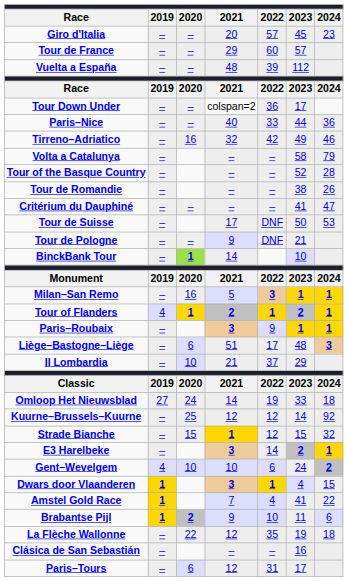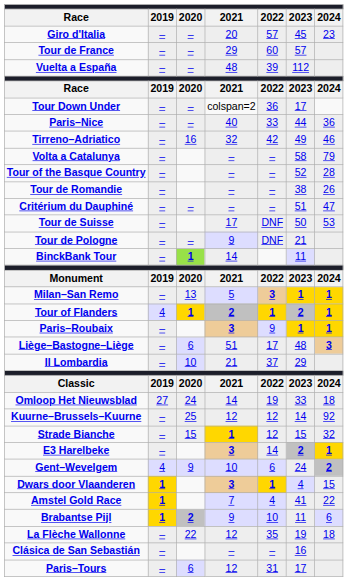 <table class="wikitable">
 <tr>
 <td style="background:#1c1e2a;" colspan=30><strong></strong></td>
 </tr>
 <tr>
 <th>Race</th>
 <th>2019</th>
 <th>2020</th>
 <th>2021</th>
 <th>2022</th>
 <th>2023</th>
 <th>2024</th>
 </tr>
 <tr align="center">
 <td><strong><a href='#'>Giro d'Italia</a></strong></td>
 <td style="background:#eee;"><a href='#'>–</a></td>
 <td style="background:#eee;"><a href='#'>–</a></td>
 <td style="background:#eee;"><a href='#'>20</a></td>
 <td style="background:#eee;"><a href='#'>57</a></td>
 <td style="background:#eee;"><a href='#'>45</a></td>
 <td style="background:#eee;"><a href='#'>23</a></td>
 </tr>
 <tr align="center">
 <td><strong><a href='#'>Tour de France</a></strong></td>
 <td style="background:#eee;"><a href='#'>–</a></td>
 <td style="background:#eee;"><a href='#'>–</a></td>
 <td style="background:#eee;"><a href='#'>29</a></td>
 <td style="background:#eee;"><a href='#'>60</a></td>
 <td style="background:#eee;"><a href='#'>57</a></td>
 <td style="background:#eee;"><a href='#'></a></td>
 </tr>
 <tr align="center">
 <td><strong><a href='#'>Vuelta a España</a></strong></td>
 <td style="background:#eee;"><a href='#'>–</a></td>
 <td style="background:#eee;"><a href='#'>–</a></td>
 <td style="background:#eee;"><a href='#'>48</a></td>
 <td style="background:#eee;"><a href='#'>39</a></td>
 <td style="background:#eee;"><a href='#'>112</a></td>
 <td style="background:#eee;"><a href='#'></a></td>
 </tr>
 <tr>
 <td style="background:#1c1e2a;" colspan=30><strong></strong></td>
 </tr>
 <tr>
 <th>Race</th>
 <th>2019</th>
 <th>2020</th>
 <th>2021</th>
 <th>2022</th>
 <th>2023</th>
 <th>2024</th>
 </tr>
 <tr align="center">
 <td><strong><a href='#'>Tour Down Under</a></strong></td>
 <td style="background:#eee;"><a href='#'>–</a></td>
 <td style="background:#eee;"><a href='#'>–</a></td>
 <td>colspan=2 </td>
 <td style="background:#eee;"><a href='#'>36</a></td>
 <td style="background:#eee;"><a href='#'>17</a></td>
 </tr>
 <tr align="center">
 <td><strong><a href='#'>Paris–Nice</a></strong></td>
 <td style="background:#eee;"><a href='#'>–</a></td>
 <td style="background:#eee;"><a href='#'>–</a></td>
 <td style="background:#eee;"><a href='#'>40</a></td>
 <td style="background:#eee;"><a href='#'>33</a></td>
 <td style="background:#eee;"><a href='#'>44</a></td>
 <td style="background:#eee;"><a href='#'>36</a></td>
 </tr>
 <tr align="center">
 <td><strong><a href='#'>Tirreno–Adriatico</a></strong></td>
 <td style="background:#eee;"><a href='#'>–</a></td>
 <td style="background:#eee;"><a href='#'>16</a></td>
 <td style="background:#eee;"><a href='#'>32</a></td>
 <td style="background:#eee;"><a href='#'>42</a></td>
 <td style="background:#eee;"><a href='#'>49</a></td>
 <td style="background:#eee;"><a href='#'>46</a></td>
 </tr>
 <tr align="center">
 <td><strong><a href='#'>Volta a Catalunya</a></strong></td>
 <td style="background:#eee;"><a href='#'>–</a></td>
 <td></td>
 <td style="background:#eee;"><a href='#'>–</a></td>
 <td style="background:#eee;"><a href='#'>–</a></td>
 <td style="background:#eee;"><a href='#'>58</a></td>
 <td style="background:#eee;"><a href='#'>79</a></td>
 </tr>
 <tr align="center">
 <td><strong><a href='#'>Tour of the Basque Country</a></strong></td>
 <td style="background:#eee;"><a href='#'>–</a></td>
 <td></td>
 <td style="background:#eee;"><a href='#'>–</a></td>
 <td style="background:#eee;"><a href='#'>–</a></td>
 <td style="background:#eee;"><a href='#'>52</a></td>
 <td style="background:#eee;"><a href='#'>28</a></td>
 </tr>
 <tr align="center">
 <td><strong><a href='#'>Tour de Romandie</a></strong></td>
 <td style="background:#eee;"><a href='#'>–</a></td>
 <td></td>
 <td style="background:#eee;"><a href='#'>–</a></td>
 <td style="background:#eee;"><a href='#'>–</a></td>
 <td style="background:#eee;"><a href='#'>38</a></td>
 <td style="background:#eee;"><a href='#'>26</a></td>
 </tr>
 <tr align="center">
 <td><strong><a href='#'>Critérium du Dauphiné</a></strong></td>
 <td style="background:#eee;"><a href='#'>–</a></td>
 <td style="background:#eee;"><a href='#'>–</a></td>
 <td style="background:#eee;"><a href='#'>–</a></td>
 <td style="background:#eee;"><a href='#'>–</a></td>
-<td style="background:#eee;"><a href='#'>41</a></td>
+<td style="background:#eee;"><a href='#'>51</a></td>
 <td style="background:#eee;"><a href='#'>47</a></td>
 </tr>
 <tr align="center">
 <td><strong><a href='#'>Tour de Suisse</a></strong></td>
 <td style="background:#eee;"><a href='#'>–</a></td>
 <td></td>
 <td style="background:#eee;"><a href='#'>17</a></td>
 <td style="background:#eee;"><a href='#'>DNF</a></td>
 <td style="background:#eee;"><a href='#'>50</a></td>
 <td style="background:#eee;"><a href='#'>53</a></td>
 </tr>
 <tr align="center">
 <td><strong><a href='#'>Tour de Pologne</a></strong></td>
 <td style="background:#eee;"><a href='#'>–</a></td>
 <td style="background:#eee;"><a href='#'>–</a></td>
 <td style="background:#ddf;"><a href='#'>9</a></td>
 <td style="background:#eee;"><a href='#'>DNF</a></td>
 <td style="background:#eee;"><a href='#'>21</a></td>
 <td style="background:#eee;"><a href='#'></a></td>
 </tr>
 <tr align="center">
 <td><strong><a href='#'>BinckBank Tour</a></strong></td>
 <td style="background:#eee;"><a href='#'>–</a></td>
 <td style="background:#98E148;"><a href='#'><strong>1</strong></a></td>
 <td style="background:#eee;"><a href='#'>14</a></td>
 <td></td>
-<td style="background:#ddf;"><a href='#'>10</a></td>
+<td style="background:#ddf;"><a href='#'>11</a></td>
 <td style="background:#eee;"><a href='#'></a></td>
 </tr>
 <tr>
 <td style="background:#1c1e2a;" colspan=30><strong></strong></td>
 </tr>
 <tr>
 <th>Monument</th>
 <th>2019</th>
 <th>2020</th>
 <th>2021</th>
 <th>2022</th>
 <th>2023</th>
 <th>2024</th>
 </tr>
 <tr align="center">
 <td><strong><a href='#'>Milan–San Remo</a></strong></td>
 <td style="background:#eee;"><a href='#'>–</a></td>
-<td style="background:#eee;"><a href='#'>16</a></td>
+<td style="background:#eee;"><a href='#'>13</a></td>
 <td style="background:#ddf;"><a href='#'>5</a></td>
 <td style="background:#ec9;"><a href='#'><strong>3</strong></a></td>
 <td style="background:gold;"><a href='#'><strong>1</strong></a></td>
 <td style="background:gold;"><a href='#'><strong>1</strong></a></td>
 </tr>
 <tr align="center">
 <td><strong><a href='#'>Tour of Flanders</a></strong></td>
 <td style="background:#ddf;"><a href='#'>4</a></td>
 <td style="background:gold;"><a href='#'><strong>1</strong></a></td>
 <td style="background:silver;"><a href='#'><strong>2</strong></a></td>
 <td style="background:gold;"><a href='#'><strong>1</strong></a></td>
 <td style="background:silver;"><a href='#'><strong>2</strong></a></td>
 <td style="background:gold;"><a href='#'><strong>1</strong></a></td>
 </tr>
 <tr align="center">
 <td><strong><a href='#'>Paris–Roubaix</a></strong></td>
 <td style="background:#eee;"><a href='#'>–</a></td>
 <td></td>
 <td style="background:#ec9;"><a href='#'><strong>3</strong></a></td>
 <td style="background:#ddf;"><a href='#'>9</a></td>
 <td style="background:gold;"><a href='#'><strong>1</strong></a></td>
 <td style="background:gold;"><a href='#'><strong>1</strong></a></td>
 </tr>
 <tr align="center">
 <td><strong><a href='#'>Liège–Bastogne–Liège</a></strong></td>
 <td style="background:#eee;"><a href='#'>–</a></td>
 <td style="background:#ddf;"><a href='#'>6</a></td>
 <td style="background:#eee;"><a href='#'>51</a></td>
 <td style="background:#eee;"><a href='#'>17</a></td>
 <td style="background:#eee;"><a href='#'>48</a></td>
 <td style="background:#ec9;"><a href='#'><strong>3</strong></a></td>
 </tr>
 <tr align="center">
 <td><strong><a href='#'>Il Lombardia</a></strong></td>
 <td style="background:#eee;"><a href='#'>–</a></td>
 <td style="background:#ddf;"><a href='#'>10</a></td>
 <td style="background:#eee;"><a href='#'>21</a></td>
 <td style="background:#eee;"><a href='#'>37</a></td>
 <td style="background:#eee;"><a href='#'>29</a></td>
 <td style="background:#eee;"><a href='#'></a></td>
 </tr>
 <tr>
 <td style="background:#1c1e2a;" colspan=30><strong></strong></td>
 </tr>
 <tr>
 <th>Classic</th>
 <th>2019</th>
 <th>2020</th>
 <th>2021</th>
 <th>2022</th>
 <th>2023</th>
 <th>2024</th>
 </tr>
 <tr align="center">
 <td><strong><a href='#'>Omloop Het Nieuwsblad</a></strong></td>
 <td style="background:#eee;"><a href='#'>27</a></td>
 <td style="background:#eee;"><a href='#'>24</a></td>
 <td style="background:#eee;"><a href='#'>14</a></td>
 <td style="background:#eee;"><a href='#'>19</a></td>
 <td style="background:#eee;"><a href='#'>33</a></td>
 <td style="background:#eee;"><a href='#'>18</a></td>
 </tr>
 <tr align="center">
 <td><strong><a href='#'>Kuurne–Brussels–Kuurne</a></strong></td>
 <td style="background:#eee;"><a href='#'>–</a></td>
 <td style="background:#eee;"><a href='#'>25</a></td>
 <td style="background:#eee;"><a href='#'>12</a></td>
 <td style="background:#eee;"><a href='#'>12</a></td>
 <td style="background:#eee;"><a href='#'>14</a></td>
 <td style="background:#eee;"><a href='#'>92</a></td>
 </tr>
 <tr align="center">
 <td><strong><a href='#'>Strade Bianche</a></strong></td>
 <td style="background:#eee;"><a href='#'>–</a></td>
 <td style="background:#eee;"><a href='#'>15</a></td>
 <td style="background:gold;"><a href='#'><strong>1</strong></a></td>
 <td style="background:#eee;"><a href='#'>12</a></td>
 <td style="background:#eee;"><a href='#'>15</a></td>
 <td style="background:#eee;"><a href='#'>32</a></td>
 </tr>
 <tr align="center">
 <td><strong><a href='#'>E3 Harelbeke</a></strong></td>
 <td style="background:#eee;"><a href='#'>–</a></td>
 <td></td>
 <td style="background:#ec9;"><a href='#'><strong>3</strong></a></td>
 <td style="background:#eee;"><a href='#'>14</a></td>
 <td style="background:silver;"><a href='#'><strong>2</strong></a></td>
 <td style="background:gold;"><a href='#'><strong>1</strong></a></td>
 </tr>
 <tr align="center">
 <td><strong><a href='#'>Gent–Wevelgem</a></strong></td>
 <td style="background:#ddf;"><a href='#'>4</a></td>
-<td style="background:#ddf;"><a href='#'>10</a></td>
+<td style="background:#ddf;"><a href='#'>9</a></td>
 <td style="background:#ddf;"><a href='#'>10</a></td>
 <td style="background:#ddf;"><a href='#'>6</a></td>
 <td style="background:#eee;"><a href='#'>24</a></td>
 <td style="background:silver;"><a href='#'><strong>2</strong></a></td>
 </tr>
 <tr align="center">
 <td><strong><a href='#'>Dwars door Vlaanderen</a></strong></td>
 <td style="background:gold;"><a href='#'><strong>1</strong></a></td>
 <td></td>
 <td style="background:#ec9;"><a href='#'><strong>3</strong></a></td>
 <td style="background:gold;"><a href='#'><strong>1</strong></a></td>
 <td style="background:#ddf;"><a href='#'>4</a></td>
 <td style="background:#eee;"><a href='#'>15</a></td>
 </tr>
 <tr align="center">
 <td><strong><a href='#'>Amstel Gold Race</a></strong></td>
 <td style="background:gold;"><a href='#'><strong>1</strong></a></td>
 <td></td>
 <td style="background:#ddf;"><a href='#'>7</a></td>
 <td style="background:#ddf;"><a href='#'>4</a></td>
 <td style="background:#eee;"><a href='#'>41</a></td>
 <td style="background:#eee;"><a href='#'>22</a></td>
 </tr>
 <tr align="center">
 <td><strong><a href='#'>Brabantse Pijl</a></strong></td>
 <td style="background:gold;"><a href='#'><strong>1</strong></a></td>
 <td style="background:silver;"><a href='#'><strong>2</strong></a></td>
 <td style="background:#ddf;"><a href='#'>9</a></td>
 <td style="background:#ddf;"><a href='#'>10</a></td>
 <td style="background:#eee;"><a href='#'>11</a></td>
 <td style="background:#ddf;"><a href='#'>6</a></td>
 </tr>
 <tr align="center">
 <td><strong><a href='#'>La Flèche Wallonne</a></strong></td>
 <td style="background:#eee;"><a href='#'>–</a></td>
 <td style="background:#eee;"><a href='#'>22</a></td>
 <td style="background:#eee;"><a href='#'>12</a></td>
 <td style="background:#eee;"><a href='#'>35</a></td>
 <td style="background:#eee;"><a href='#'>19</a></td>
 <td style="background:#eee;"><a href='#'>18</a></td>
 </tr>
 <tr align="center">
 <td><strong><a href='#'>Clásica de San Sebastián</a></strong></td>
 <td style="background:#eee;"><a href='#'>–</a></td>
 <td></td>
 <td style="background:#eee;"><a href='#'>–</a></td>
 <td style="background:#eee;"><a href='#'>–</a></td>
 <td style="background:#eee;"><a href='#'>16</a></td>
 <td style="background:#eee;"><a href='#'></a></td>
 </tr>
 <tr align="center">
 <td><strong><a href='#'>Paris–Tours</a></strong></td>
 <td style="background:#eee;"><a href='#'>–</a></td>
 <td style="background:#ddf;"><a href='#'>6</a></td>
 <td style="background:#eee;"><a href='#'>12</a></td>
 <td style="background:#eee;"><a href='#'>31</a></td>
 <td style="background:#eee;"><a href='#'>17</a></td>
 <td style="background:#eee;"><a href='#'></a></td>
 </tr>
 </table>
